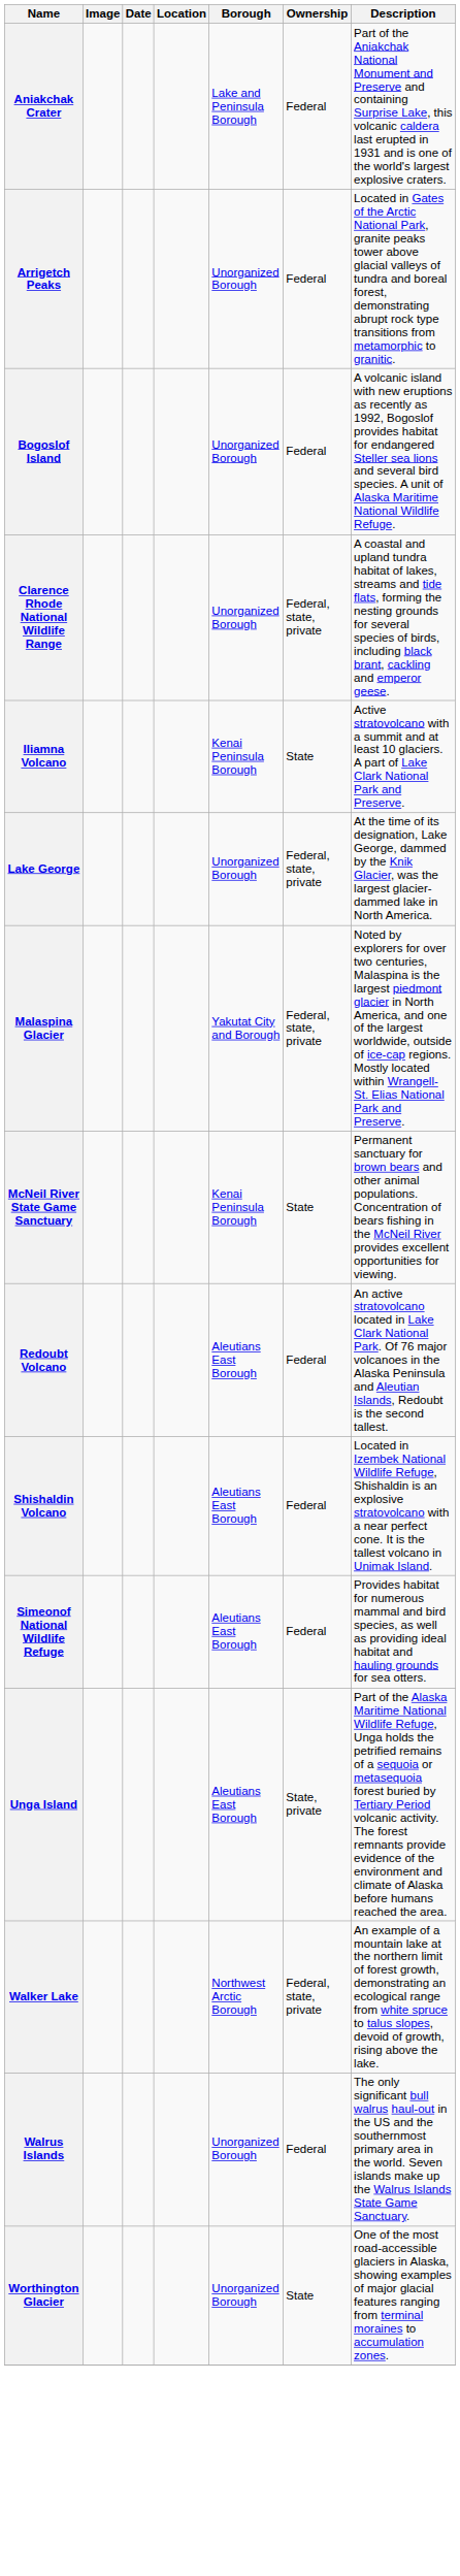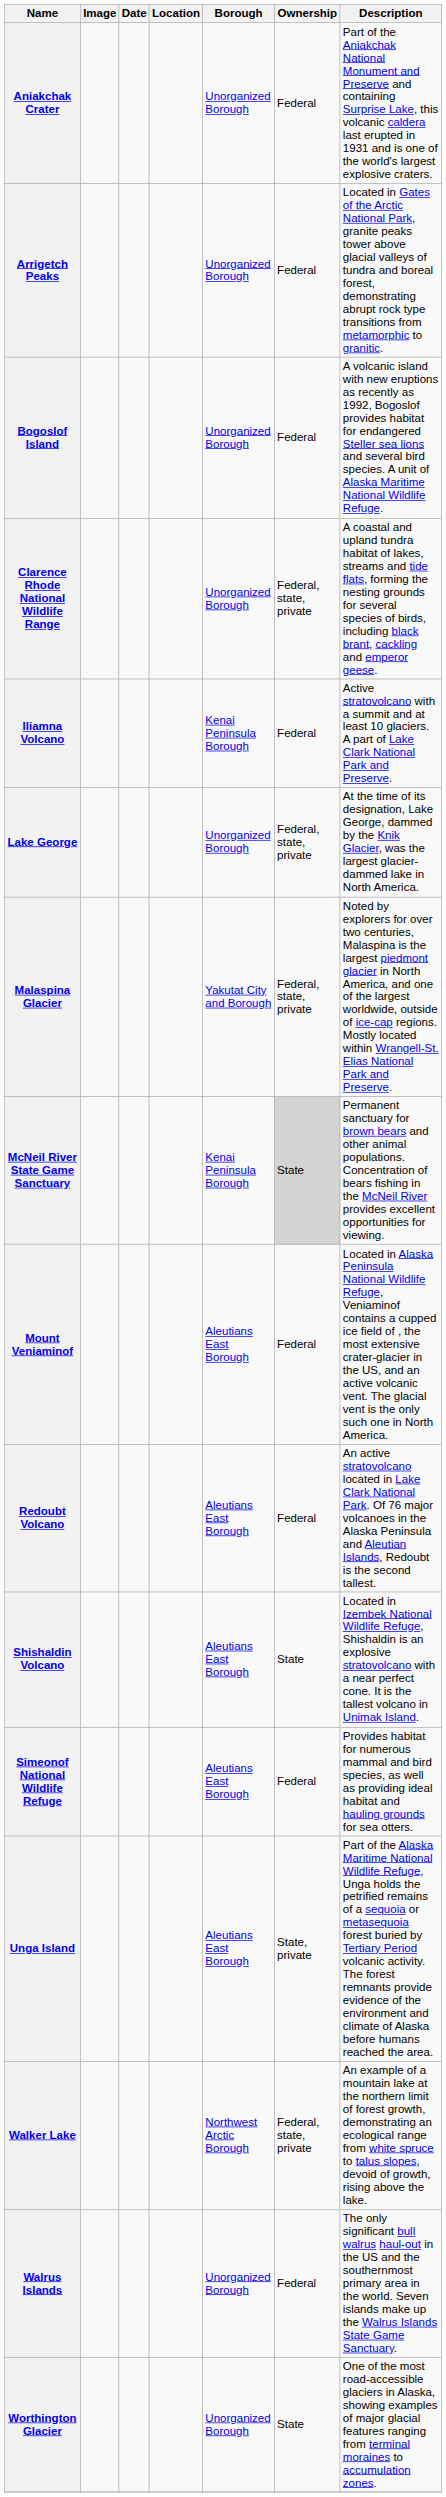 <table class="wikitable sortable" align="center">
 <tr>
 <th scope="col" style="background-color:">Name</th>
 <th scope="col" style="background-color:">Image</th>
 <th scope="col" style="background-color:">Date</th>
 <th scope="col" style="background-color:">Location</th>
 <th scope="col" style="background-color:">Borough</th>
 <th scope="col" style="background-color:">Ownership</th>
 <th scope="col" style="background-color:">Description</th>
 </tr>
 <tr>
 <th scope="row"><a href='#'>Aniakchak Crater</a></th>
 <td></td>
 <td></td>
 <td></td>
-<td><a href='#'>Lake and Peninsula Borough</a></td>
+<td><a href='#'>Unorganized Borough</a></td>
 <td>Federal</td>
 <td>Part of the <a href='#'>Aniakchak National Monument and Preserve</a> and containing <a href='#'>Surprise Lake</a>, this volcanic <a href='#'>caldera</a> last erupted in 1931 and is one of the world's largest explosive craters.</td>
 </tr>
 <tr>
 <th scope="row"><a href='#'>Arrigetch Peaks</a></th>
 <td></td>
 <td></td>
 <td></td>
 <td><a href='#'>Unorganized Borough</a></td>
 <td>Federal</td>
 <td>Located in <a href='#'>Gates of the Arctic National Park</a>, granite peaks tower above glacial valleys of tundra and boreal forest, demonstrating abrupt rock type transitions from <a href='#'>metamorphic</a> to <a href='#'>granitic</a>.</td>
 </tr>
 <tr>
 <th scope="row"><a href='#'>Bogoslof Island</a></th>
 <td></td>
 <td></td>
 <td></td>
 <td><a href='#'>Unorganized Borough</a></td>
 <td>Federal</td>
 <td>A volcanic island with new eruptions as recently as 1992, Bogoslof provides habitat for endangered <a href='#'>Steller sea lions</a> and several bird species. A unit of <a href='#'>Alaska Maritime National Wildlife Refuge</a>.</td>
 </tr>
 <tr>
 <th scope="row"><a href='#'>Clarence Rhode National Wildlife Range</a></th>
 <td></td>
 <td></td>
 <td></td>
 <td><a href='#'>Unorganized Borough</a></td>
 <td>Federal, state, private</td>
 <td>A coastal and upland tundra habitat of lakes, streams and <a href='#'>tide flats</a>, forming the nesting grounds for several species of birds, including <a href='#'>black brant</a>, <a href='#'>cackling</a> and <a href='#'>emperor geese</a>.</td>
 </tr>
 <tr>
 <th scope="row"><a href='#'>Iliamna Volcano</a></th>
 <td></td>
 <td></td>
 <td></td>
 <td><a href='#'>Kenai Peninsula Borough</a></td>
-<td>State</td>
+<td>Federal</td>
 <td>Active <a href='#'>stratovolcano</a> with a  summit and at least 10 glaciers. A part of <a href='#'>Lake Clark National Park and Preserve</a>.</td>
 </tr>
 <tr>
 <th scope="row"><a href='#'>Lake George</a></th>
 <td></td>
 <td></td>
 <td></td>
 <td><a href='#'>Unorganized Borough</a></td>
 <td>Federal, state, private</td>
 <td>At the time of its designation, Lake George, dammed by the <a href='#'>Knik Glacier</a>, was the largest glacier-dammed lake in North America.</td>
 </tr>
 <tr>
 <th scope="row"><a href='#'>Malaspina Glacier</a></th>
 <td></td>
 <td></td>
 <td></td>
 <td><a href='#'>Yakutat City and Borough</a></td>
 <td>Federal, state, private</td>
 <td>Noted by explorers for over two centuries, Malaspina is the largest <a href='#'>piedmont glacier</a> in North America, and one of the largest worldwide, outside of <a href='#'>ice-cap</a> regions. Mostly located within <a href='#'>Wrangell-St. Elias National Park and Preserve</a>.</td>
 </tr>
 <tr>
 <th scope="row"><a href='#'>McNeil River State Game Sanctuary</a></th>
 <td></td>
 <td></td>
 <td></td>
 <td><a href='#'>Kenai Peninsula Borough</a></td>
-<td>State</td>
+<td style="background: lightgrey;">State</td>
 <td>Permanent sanctuary for <a href='#'>brown bears</a> and other animal populations. Concentration of bears fishing in the <a href='#'>McNeil River</a> provides excellent opportunities for viewing.</td>
+</tr>
+<tr>
+<th scope="row"><a href='#'>Mount Veniaminof</a></th>
+<td></td>
+<td></td>
+<td></td>
+<td><a href='#'>Aleutians East Borough</a></td>
+<td>Federal</td>
+<td>Located in <a href='#'>Alaska Peninsula National Wildlife Refuge</a>, Veniaminof contains a cupped ice field of , the most extensive crater-glacier in the US, and an active volcanic vent. The glacial vent is the only such one in North America.</td>
 </tr>
 <tr>
 <th scope="row"><a href='#'>Redoubt Volcano</a></th>
 <td></td>
 <td></td>
 <td></td>
 <td><a href='#'>Aleutians East Borough</a></td>
 <td>Federal</td>
 <td>An active <a href='#'>stratovolcano</a> located in <a href='#'>Lake Clark National Park</a>. Of 76 major volcanoes in the Alaska Peninsula and <a href='#'>Aleutian Islands</a>, Redoubt is the second tallest.</td>
 </tr>
 <tr>
 <th scope="row"><a href='#'>Shishaldin Volcano</a></th>
 <td></td>
 <td></td>
 <td></td>
 <td><a href='#'>Aleutians East Borough</a></td>
-<td>Federal</td>
+<td>State</td>
 <td>Located in <a href='#'>Izembek National Wildlife Refuge</a>, Shishaldin is an explosive <a href='#'>stratovolcano</a> with a near perfect cone. It is the tallest volcano in <a href='#'>Unimak Island</a>.</td>
 </tr>
 <tr>
 <th scope="row"><a href='#'>Simeonof National Wildlife Refuge</a></th>
 <td></td>
 <td></td>
 <td></td>
 <td><a href='#'>Aleutians East Borough</a></td>
 <td>Federal</td>
 <td>Provides habitat for numerous mammal and bird species, as well as providing ideal habitat and <a href='#'>hauling grounds</a> for sea otters.</td>
 </tr>
 <tr>
 <th scope="row"><a href='#'>Unga Island</a></th>
 <td></td>
 <td></td>
 <td></td>
 <td><a href='#'>Aleutians East Borough</a></td>
 <td>State, private</td>
 <td>Part of the <a href='#'>Alaska Maritime National Wildlife Refuge</a>, Unga holds the petrified remains of a <a href='#'>sequoia</a> or <a href='#'>metasequoia</a> forest buried by <a href='#'>Tertiary Period</a> volcanic activity. The forest remnants provide evidence of the environment and climate of Alaska before humans reached the area.</td>
 </tr>
 <tr>
 <th scope="row"><a href='#'>Walker Lake</a></th>
 <td></td>
 <td></td>
 <td></td>
 <td><a href='#'>Northwest Arctic Borough</a></td>
 <td>Federal, state, private</td>
 <td>An example of a mountain lake at the northern limit of forest growth, demonstrating an ecological range from <a href='#'>white spruce</a> to <a href='#'>talus slopes</a>, devoid of growth, rising  above the lake.</td>
 </tr>
 <tr>
 <th scope="row"><a href='#'>Walrus Islands</a></th>
 <td></td>
 <td></td>
 <td></td>
 <td><a href='#'>Unorganized Borough</a></td>
 <td>Federal</td>
 <td>The only significant <a href='#'>bull walrus</a> <a href='#'>haul-out</a> in the US and the southernmost primary area in the world. Seven islands make up the <a href='#'>Walrus Islands State Game Sanctuary</a>.</td>
 </tr>
 <tr>
 <th scope="row"><a href='#'>Worthington Glacier</a></th>
 <td></td>
 <td></td>
 <td></td>
 <td><a href='#'>Unorganized Borough</a></td>
 <td>State</td>
 <td>One of the most road-accessible glaciers in Alaska, showing examples of major glacial features ranging from <a href='#'>terminal moraines</a> to <a href='#'>accumulation zones</a>.</td>
 </tr>
 <tr>
 </tr>
 </table>
